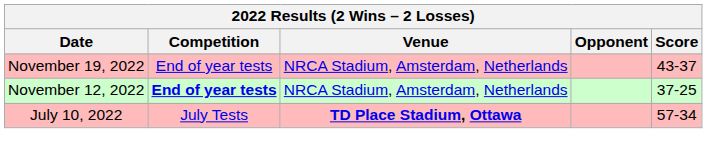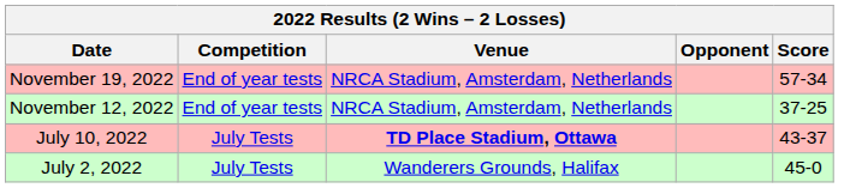 <table class="wikitable sortable">
 <tr>
 <th colspan="5"><strong>2022 Results (2 Wins – 2 Losses)</strong></th>
 </tr>
 <tr>
 <th>Date</th>
 <th>Competition</th>
 <th>Venue</th>
 <th>Opponent</th>
 <th>Score</th>
 </tr>
 <tr style="background:#fbb;">
 <td align=center>November 19, 2022</td>
 <td align=center><a href='#'>End of year tests</a></td>
 <td align=center><a href='#'>NRCA Stadium</a>, <a href='#'>Amsterdam</a>, <a href='#'>Netherlands</a></td>
 <td align=center></td>
-<td align=center>43-37</td>
+<td align=center>57-34</td>
 </tr>
 <tr style="background:#cfc;">
 <td align=center>November 12, 2022</td>
-<td align=center><strong><a href='#'>End of year tests</a></strong></td>
+<td align=center><a href='#'>End of year tests</a></td>
 <td align=center><a href='#'>NRCA Stadium</a>, <a href='#'>Amsterdam</a>, <a href='#'>Netherlands</a></td>
 <td align=center></td>
 <td align=center>37-25</td>
 </tr>
 <tr style="background:#fbb;">
 <td align=center>July 10, 2022</td>
 <td align=center><a href='#'>July Tests</a></td>
 <td align=center><strong><a href='#'>TD Place Stadium</a>, <a href='#'>Ottawa</a></strong></td>
 <td align=center></td>
-<td align=center>57-34</td>
+<td align=center>43-37</td>
+</tr>
+<tr style="background:#cfc;">
+<td align=center>July 2, 2022</td>
+<td align=center><a href='#'>July Tests</a></td>
+<td align=center><a href='#'>Wanderers Grounds</a>, <a href='#'>Halifax</a></td>
+<td align=center></td>
+<td align=center>45-0</td>
 </tr>
 </table>
